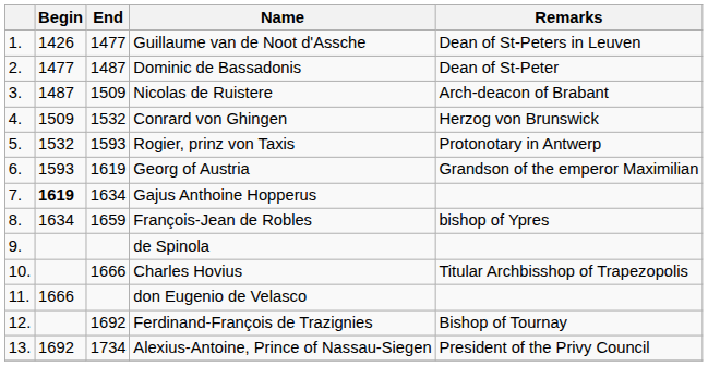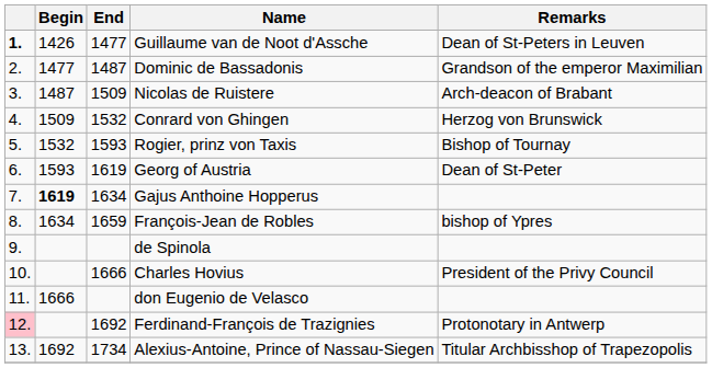 <table class="wikitable sortable">
 <tr>
 <th></th>
 <th>Begin</th>
 <th>End</th>
 <th>Name</th>
 <th>Remarks</th>
 </tr>
 <tr>
-<td>1.</td>
+<td><strong>1.</strong></td>
 <td>1426</td>
 <td>1477</td>
 <td>Guillaume van de Noot d'Assche</td>
 <td>Dean of St-Peters in Leuven</td>
 </tr>
 <tr>
 <td>2.</td>
 <td>1477</td>
 <td>1487</td>
 <td>Dominic de Bassadonis</td>
-<td>Dean of St-Peter</td>
+<td>Grandson of the emperor Maximilian</td>
 </tr>
 <tr>
 <td>3.</td>
 <td>1487</td>
 <td>1509</td>
 <td>Nicolas de Ruistere</td>
 <td>Arch-deacon of Brabant</td>
 </tr>
 <tr>
 <td>4.</td>
 <td>1509</td>
 <td>1532</td>
 <td>Conrard von Ghingen</td>
 <td>Herzog von Brunswick</td>
 </tr>
 <tr>
 <td>5.</td>
 <td>1532</td>
 <td>1593</td>
 <td>Rogier, prinz von Taxis</td>
-<td>Protonotary in Antwerp</td>
+<td>Bishop of Tournay</td>
 </tr>
 <tr>
 <td>6.</td>
 <td>1593</td>
 <td>1619</td>
 <td>Georg of Austria</td>
-<td>Grandson of the emperor Maximilian</td>
+<td>Dean of St-Peter</td>
 </tr>
 <tr>
 <td>7.</td>
 <td><strong>1619</strong></td>
 <td>1634</td>
 <td>Gajus Anthoine Hopperus</td>
 <td></td>
 </tr>
 <tr>
 <td>8.</td>
 <td>1634</td>
 <td>1659</td>
 <td>François-Jean de Robles</td>
 <td>bishop of Ypres</td>
 </tr>
 <tr>
 <td>9.</td>
 <td></td>
 <td></td>
 <td>de Spinola</td>
 <td></td>
 </tr>
 <tr>
 <td>10.</td>
 <td></td>
 <td>1666</td>
 <td>Charles Hovius</td>
-<td>Titular Archbisshop of Trapezopolis</td>
+<td>President of the Privy Council</td>
 </tr>
 <tr>
 <td>11.</td>
 <td>1666</td>
 <td></td>
 <td>don Eugenio de Velasco</td>
 <td></td>
 </tr>
 <tr>
-<td>12.</td>
+<td style="background: pink;">12.</td>
 <td></td>
 <td>1692</td>
 <td>Ferdinand-François de Trazignies</td>
-<td>Bishop of Tournay</td>
+<td>Protonotary in Antwerp</td>
 </tr>
 <tr>
 <td>13.</td>
 <td>1692</td>
 <td>1734</td>
 <td>Alexius-Antoine, Prince of Nassau-Siegen</td>
-<td>President of the Privy Council</td>
+<td>Titular Archbisshop of Trapezopolis</td>
 </tr>
 <tr>
 </tr>
 </table>
